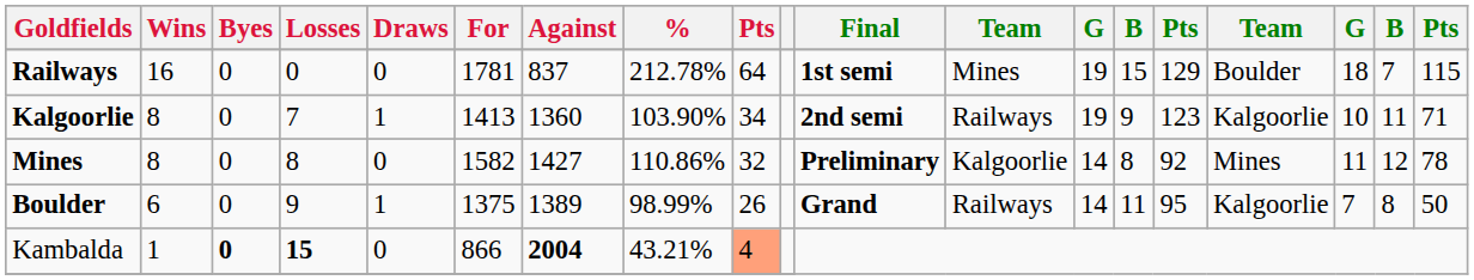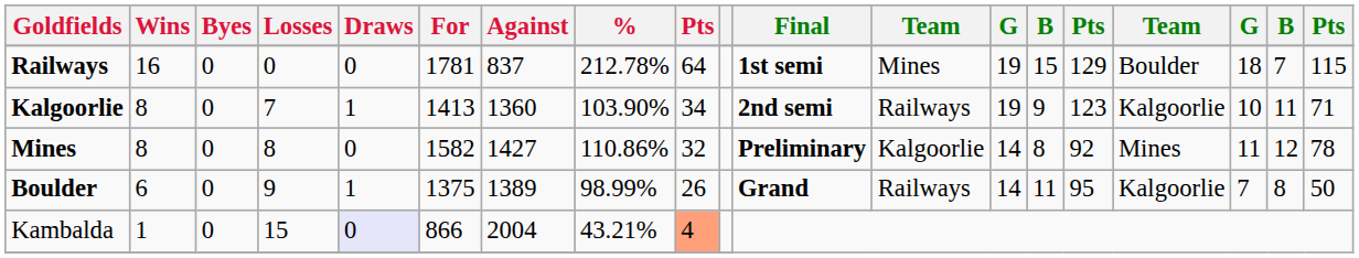 <table style="font-size: 85%; text-align: left;" class="wikitable">
 <tr>
 <th style="color:crimson">Goldfields</th>
 <th style="color:crimson">Wins</th>
 <th style="color:crimson">Byes</th>
 <th style="color:crimson">Losses</th>
 <th style="color:crimson">Draws</th>
 <th style="color:crimson">For</th>
 <th style="color:crimson">Against</th>
 <th style="color:crimson">%</th>
 <th style="color:crimson">Pts</th>
 <th></th>
 <th style="color:green">Final</th>
 <th style="color:green">Team</th>
 <th style="color:green">G</th>
 <th style="color:green">B</th>
 <th style="color:green">Pts</th>
 <th style="color:green">Team</th>
 <th style="color:green">G</th>
 <th style="color:green">B</th>
 <th style="color:green">Pts</th>
 </tr>
 <tr>
 </tr>
 <tr>
 </tr>
 <tr>
 <td><strong>	Railways	</strong></td>
 <td>16</td>
 <td>0</td>
 <td>0</td>
 <td>0</td>
 <td>1781</td>
 <td>837</td>
 <td>212.78%</td>
 <td>64</td>
 <td></td>
 <td><strong>1st semi</strong></td>
 <td>Mines</td>
 <td>19</td>
 <td>15</td>
 <td>129</td>
 <td>Boulder</td>
 <td>18</td>
 <td>7</td>
 <td>115</td>
 </tr>
 <tr>
 <td><strong>	Kalgoorlie	</strong></td>
 <td>8</td>
 <td>0</td>
 <td>7</td>
 <td>1</td>
 <td>1413</td>
 <td>1360</td>
 <td>103.90%</td>
 <td>34</td>
 <td></td>
 <td><strong>2nd semi</strong></td>
 <td>Railways</td>
 <td>19</td>
 <td>9</td>
 <td>123</td>
 <td>Kalgoorlie</td>
 <td>10</td>
 <td>11</td>
 <td>71</td>
 </tr>
 <tr>
 <td><strong>	Mines	</strong></td>
 <td>8</td>
 <td>0</td>
 <td>8</td>
 <td>0</td>
 <td>1582</td>
 <td>1427</td>
 <td>110.86%</td>
 <td>32</td>
 <td></td>
 <td><strong>Preliminary</strong></td>
 <td>Kalgoorlie</td>
 <td>14</td>
 <td>8</td>
 <td>92</td>
 <td>Mines</td>
 <td>11</td>
 <td>12</td>
 <td>78</td>
 </tr>
 <tr>
 <td><strong>	Boulder	</strong></td>
 <td>6</td>
 <td>0</td>
 <td>9</td>
 <td>1</td>
 <td>1375</td>
 <td>1389</td>
 <td>98.99%</td>
 <td>26</td>
 <td></td>
 <td><strong>Grand</strong></td>
 <td>Railways</td>
 <td>14</td>
 <td>11</td>
 <td>95</td>
 <td>Kalgoorlie</td>
 <td>7</td>
 <td>8</td>
 <td>50</td>
 </tr>
 <tr>
 <td>Kambalda</td>
 <td>1</td>
-<td><strong>0</strong></td>
-<td><strong>15</strong></td>
 <td>0</td>
+<td>15</td>
+<td style="background: lavender;">0</td>
 <td>866</td>
-<td><strong>2004</strong></td>
+<td>2004</td>
 <td>43.21%</td>
 <td style="background: lightsalmon;">4</td>
 <td></td>
 </tr>
 <tr>
 </tr>
 </table>
